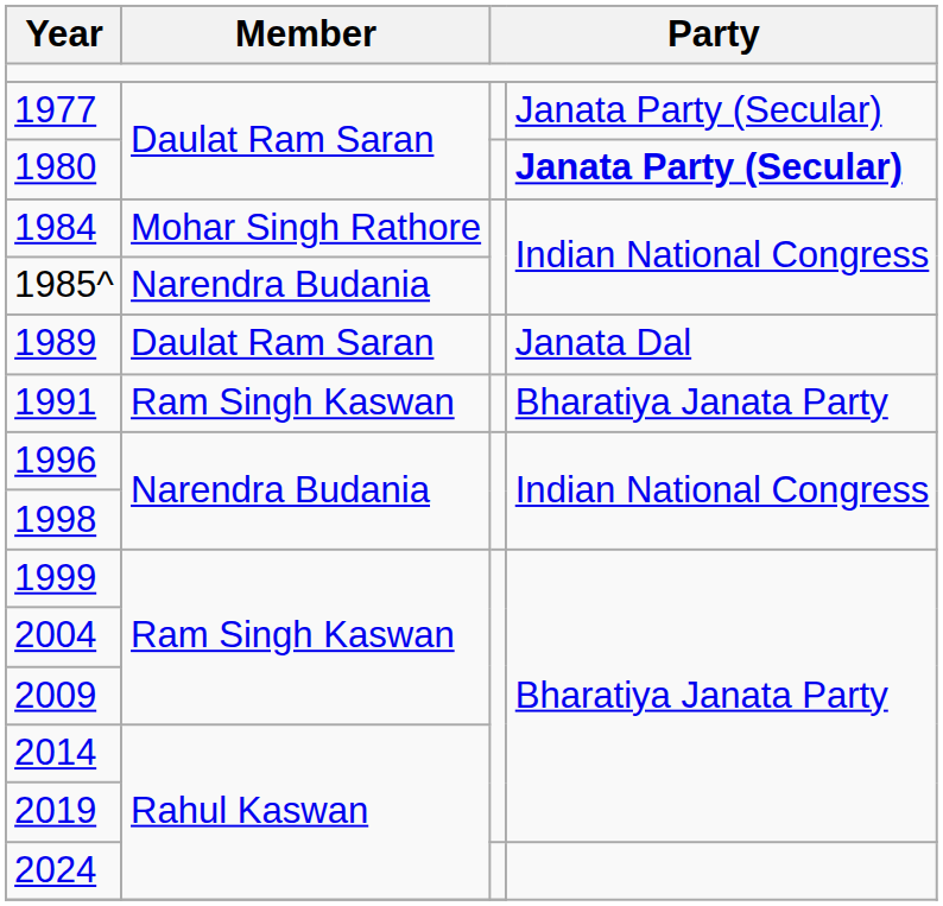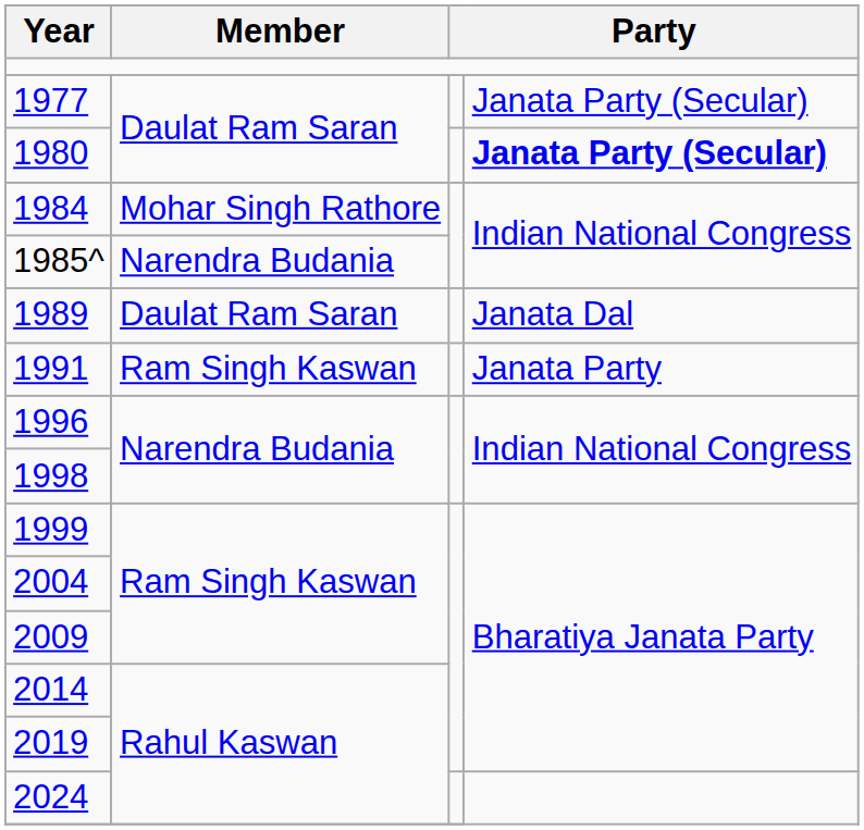 <table class="wikitable">
 <tr>
 <th>Year</th>
 <th>Member</th>
 <th colspan="2">Party</th>
 </tr>
 <tr>
 <td colspan="4"></td>
 </tr>
 <tr>
 <td><a href='#'>1977</a></td>
 <td rowspan="2"><a href='#'>Daulat Ram Saran</a></td>
 <td style="background-color: "></td>
 <td><a href='#'>Janata Party (Secular)</a></td>
 </tr>
 <tr>
 <td><a href='#'>1980</a></td>
 <td style="background-color: "></td>
 <td><strong><a href='#'>Janata Party (Secular)</a></strong></td>
 </tr>
 <tr>
 <td><a href='#'>1984</a></td>
 <td><a href='#'>Mohar Singh Rathore</a></td>
 <td rowspan="2" style="background-color: "></td>
 <td rowspan="2"><a href='#'>Indian National Congress</a></td>
 </tr>
 <tr>
 <td>1985^</td>
 <td><a href='#'>Narendra Budania</a></td>
 </tr>
 <tr>
 <td><a href='#'>1989</a></td>
 <td><a href='#'>Daulat Ram Saran</a></td>
 <td style="background-color: "></td>
 <td><a href='#'>Janata Dal</a></td>
 </tr>
 <tr>
 <td><a href='#'>1991</a></td>
 <td><a href='#'>Ram Singh Kaswan</a></td>
 <td style="background-color: "></td>
-<td><a href='#'>Bharatiya Janata Party</a></td>
+<td><a href='#'>Janata Party</a></td>
 </tr>
 <tr>
 <td><a href='#'>1996</a></td>
 <td rowspan="2"><a href='#'>Narendra Budania</a></td>
 <td rowspan="2" style="background-color: "></td>
 <td rowspan="2"><a href='#'>Indian National Congress</a></td>
 </tr>
 <tr>
 <td><a href='#'>1998</a></td>
 </tr>
 <tr>
 <td><a href='#'>1999</a></td>
 <td rowspan="3"><a href='#'>Ram Singh Kaswan</a></td>
 <td rowspan="5" style="background-color: "></td>
 <td rowspan="5"><a href='#'>Bharatiya Janata Party</a></td>
 </tr>
 <tr>
 <td><a href='#'>2004</a></td>
 </tr>
 <tr>
 <td><a href='#'>2009</a></td>
 </tr>
 <tr>
 <td><a href='#'>2014</a></td>
 <td rowspan="3"><a href='#'>Rahul Kaswan</a></td>
 </tr>
 <tr>
 <td><a href='#'>2019</a></td>
 </tr>
 <tr>
 <td><a href='#'>2024</a></td>
 <td></td>
 </tr>
 <tr>
 </tr>
 </table>
